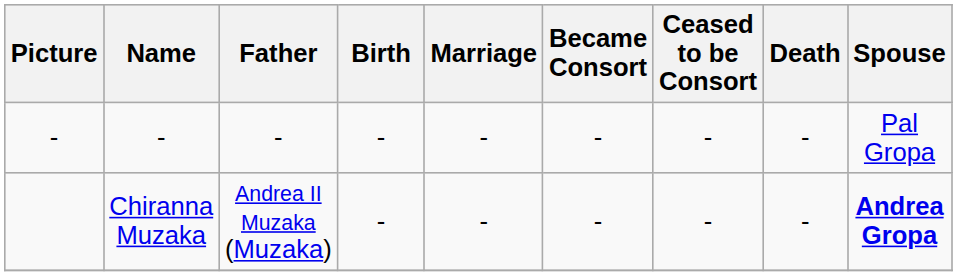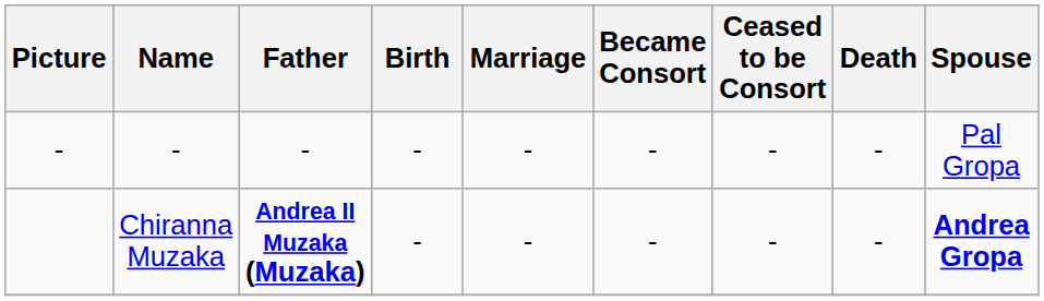 <table width=95% class="wikitable">
 <tr>
 <th width = "8%">Picture</th>
 <th width = "12%">Name</th>
 <th width = "10%">Father</th>
 <th width = "10%">Birth</th>
 <th width = "9%">Marriage</th>
 <th width = "9%">Became Consort</th>
 <th width = "9%">Ceased to be Consort</th>
 <th width = "9%">Death</th>
 <th width = "6%">Spouse</th>
 </tr>
 <tr>
 <td align="center">-</td>
 <td align="center">-</td>
 <td align="center">-</td>
 <td align="center">-</td>
 <td align="center">-</td>
 <td align="center">-</td>
 <td align="center">-</td>
 <td align="center">-</td>
 <td align="center"><a href='#'>Pal Gropa</a></td>
 </tr>
 <tr>
 <td align="center"></td>
 <td align="center"><a href='#'>Chiranna Muzaka</a></td>
-<td align="center"><small><a href='#'>Andrea II Muzaka</a></small><br>(<a href='#'>Muzaka</a>)</td>
+<td align="center"><strong><small><a href='#'>Andrea II Muzaka</a></small><br>(<a href='#'>Muzaka</a>)</strong></td>
 <td align="center">-</td>
 <td align="center">-</td>
 <td align="center">-</td>
 <td align="center">-</td>
 <td align="center">-</td>
 <td align="center"><strong><a href='#'>Andrea Gropa</a></strong></td>
 </tr>
 <tr>
 </tr>
 </table>
